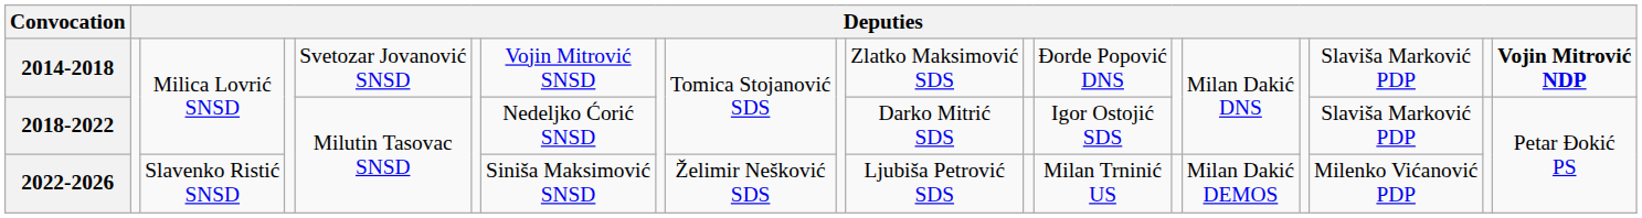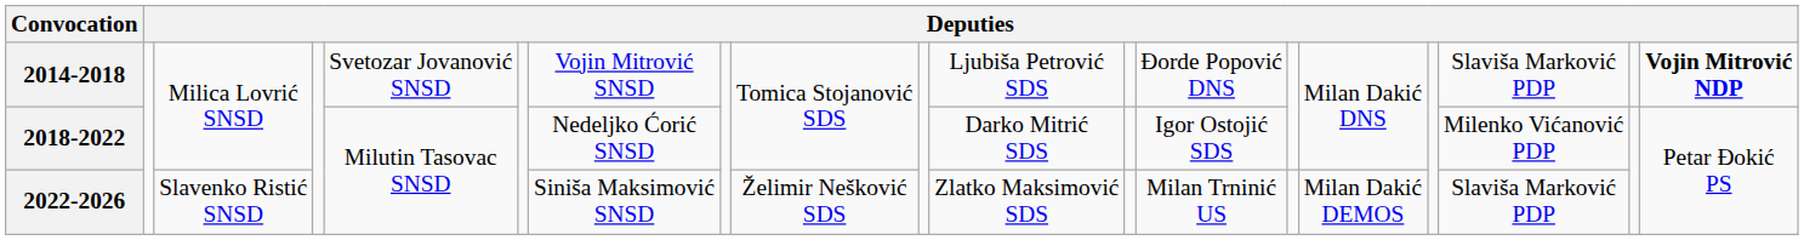 <table class="wikitable" style="text-align:center">
 <tr>
 <th>Convocation</th>
 <th colspan=18>Deputies</th>
 </tr>
 <tr>
 <th>2014-2018</th>
 <td rowspan=3; style="background-color: "></td>
 <td rowspan=2>Milica Lovrić<br><a href='#'>SNSD</a></td>
 <td rowspan=3; style="background-color: "></td>
 <td>Svetozar Jovanović<br><a href='#'>SNSD</a></td>
 <td rowspan=3; style="background-color: "></td>
 <td><a href='#'>Vojin Mitrović</a><br><a href='#'>SNSD</a></td>
 <td rowspan=3; style="background-color: "></td>
 <td rowspan=2>Tomica Stojanović<br><a href='#'>SDS</a></td>
 <td rowspan=3; style="background-color: "></td>
-<td>Zlatko Maksimović<br><a href='#'>SDS</a></td>
+<td>Ljubiša Petrović<br><a href='#'>SDS</a></td>
 <td rowspan=1; style="background-color: "></td>
 <td>Đorde Popović<br><a href='#'>DNS</a></td>
 <td rowspan=2; style="background-color: "></td>
 <td rowspan=2>Milan Dakić<br><a href='#'>DNS</a></td>
 <td rowspan=3; style="background-color: "></td>
 <td>Slaviša Marković<br><a href='#'>PDP</a></td>
 <td rowspan=1; style="background-color: "></td>
 <td><strong>Vojin Mitrović<br><a href='#'>NDP</a></strong></td>
 </tr>
 <tr>
 <th>2018-2022</th>
 <td rowspan=2>Milutin Tasovac<br><a href='#'>SNSD</a></td>
 <td>Nedeljko Ćorić<br><a href='#'>SNSD</a></td>
 <td>Darko Mitrić<br><a href='#'>SDS</a></td>
 <td rowspan=1; style="background-color: "></td>
 <td>Igor Ostojić<br><a href='#'>SDS</a></td>
-<td>Slaviša Marković<br><a href='#'>PDP</a></td>
+<td>Milenko Vićanović<br><a href='#'>PDP</a></td>
 <td rowspan=2; style="background-color: "></td>
 <td rowspan=2>Petar Đokić<br><a href='#'>PS</a></td>
 </tr>
 <tr>
 <th>2022-2026</th>
 <td>Slavenko Ristić<br><a href='#'>SNSD</a></td>
 <td>Siniša Maksimović<br><a href='#'>SNSD</a></td>
 <td>Želimir Nešković<br><a href='#'>SDS</a></td>
-<td>Ljubiša Petrović<br><a href='#'>SDS</a></td>
+<td>Zlatko Maksimović<br><a href='#'>SDS</a></td>
 <td rowspan=1; style="background-color: "></td>
 <td>Milan Trninić<br><a href='#'>US</a></td>
 <td rowspan=1; style="background-color: "></td>
 <td>Milan Dakić<br><a href='#'>DEMOS</a></td>
-<td>Milenko Vićanović<br><a href='#'>PDP</a></td>
+<td>Slaviša Marković<br><a href='#'>PDP</a></td>
 </tr>
 </table>
